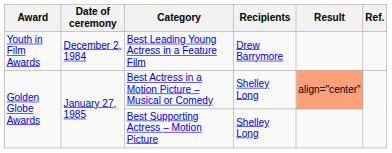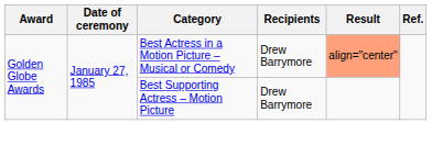 <table class="wikitable plainrowheaders sortable">
 <tr>
 <th>Award</th>
 <th>Date of ceremony</th>
 <th>Category</th>
 <th>Recipients</th>
 <th>Result</th>
 <th>Ref.</th>
 </tr>
 <tr>
-<td><a href='#'>Youth in Film Awards</a></td>
-<td><a href='#'>December 2, 1984</a></td>
-<td><a href='#'>Best Leading Young Actress in a Feature Film</a></td>
-<td><a href='#'>Drew Barrymore</a></td>
-<td></td>
-<td></td>
-</tr>
-<tr>
 <td rowspan="2"><a href='#'>Golden Globe Awards</a></td>
 <td rowspan="2"><a href='#'>January 27, 1985</a></td>
 <td><a href='#'>Best Actress in a Motion Picture – Musical or Comedy</a></td>
-<td><a href='#'>Shelley Long</a></td>
+<td>Drew Barrymore</td>
 <td style="background: lightsalmon;">align="center" </td>
 <td align="center" rowspan="2"></td>
 </tr>
 <tr>
 <td><a href='#'>Best Supporting Actress – Motion Picture</a></td>
-<td><a href='#'>Shelley Long</a></td>
+<td>Drew Barrymore</td>
 <td></td>
 </tr>
 </table>
